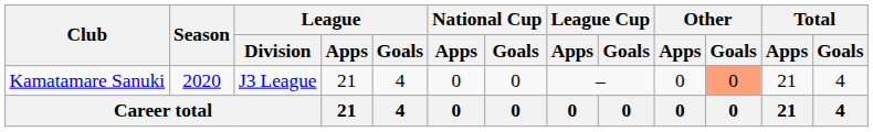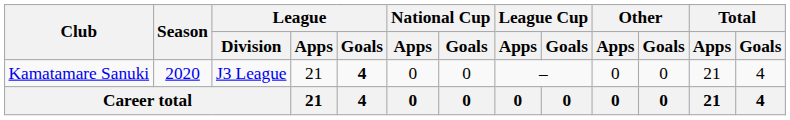 <table class="wikitable" style="text-align: center">
 <tr>
 <th rowspan="2">Club</th>
 <th rowspan="2">Season</th>
 <th colspan="3">League</th>
 <th colspan="2">National Cup</th>
 <th colspan="2">League Cup</th>
 <th colspan="2">Other</th>
 <th colspan="2">Total</th>
 </tr>
 <tr>
 <th>Division</th>
 <th>Apps</th>
 <th>Goals</th>
 <th>Apps</th>
 <th>Goals</th>
 <th>Apps</th>
 <th>Goals</th>
 <th>Apps</th>
 <th>Goals</th>
 <th>Apps</th>
 <th>Goals</th>
 </tr>
 <tr>
 <td><a href='#'>Kamatamare Sanuki</a></td>
 <td><a href='#'>2020</a></td>
 <td><a href='#'>J3 League</a></td>
 <td>21</td>
-<td>4</td>
+<td><strong>4</strong></td>
 <td>0</td>
 <td>0</td>
 <td colspan="2">–</td>
 <td>0</td>
-<td style="background: lightsalmon;">0</td>
+<td>0</td>
 <td>21</td>
 <td>4</td>
 </tr>
 <tr>
 <th colspan=3>Career total</th>
 <th>21</th>
 <th>4</th>
 <th>0</th>
 <th>0</th>
 <th>0</th>
 <th>0</th>
 <th>0</th>
 <th>0</th>
 <th>21</th>
 <th>4</th>
 </tr>
 </table>
